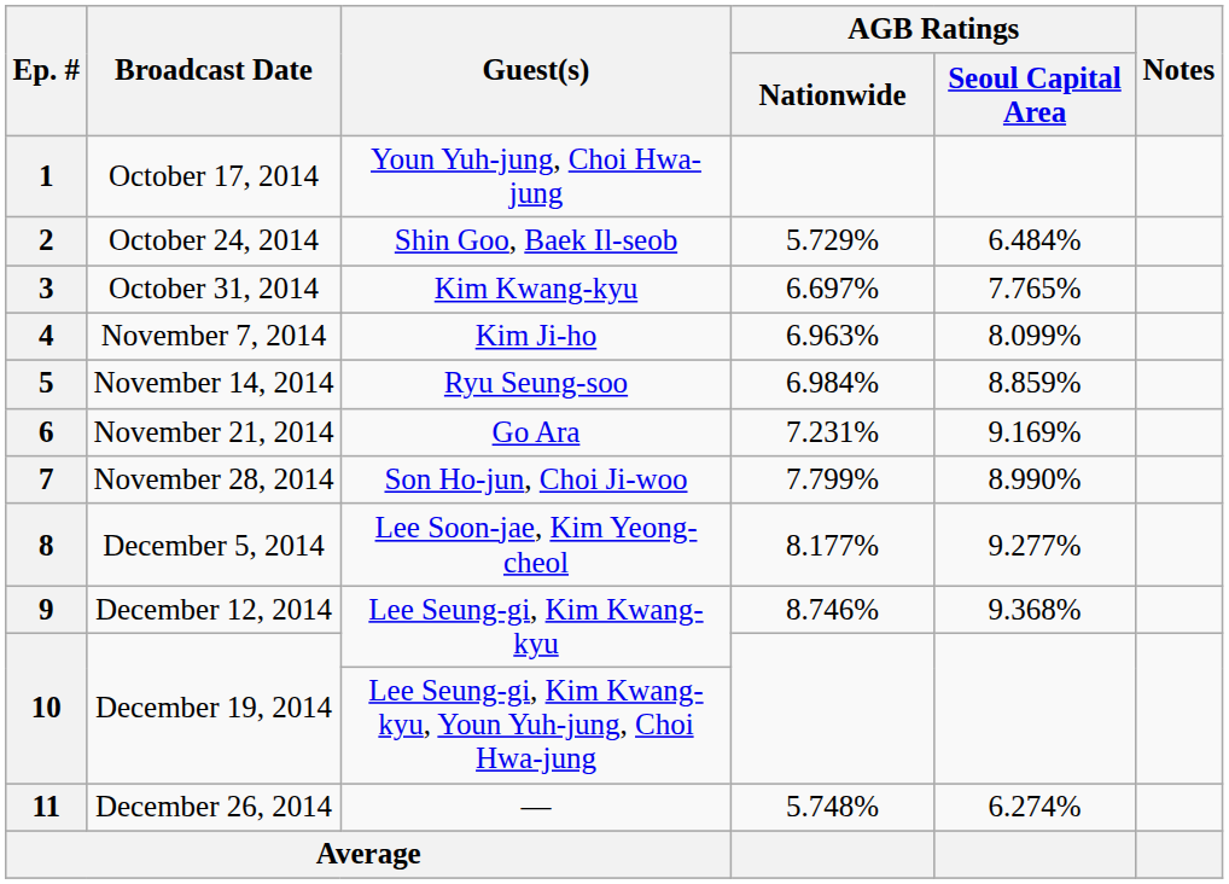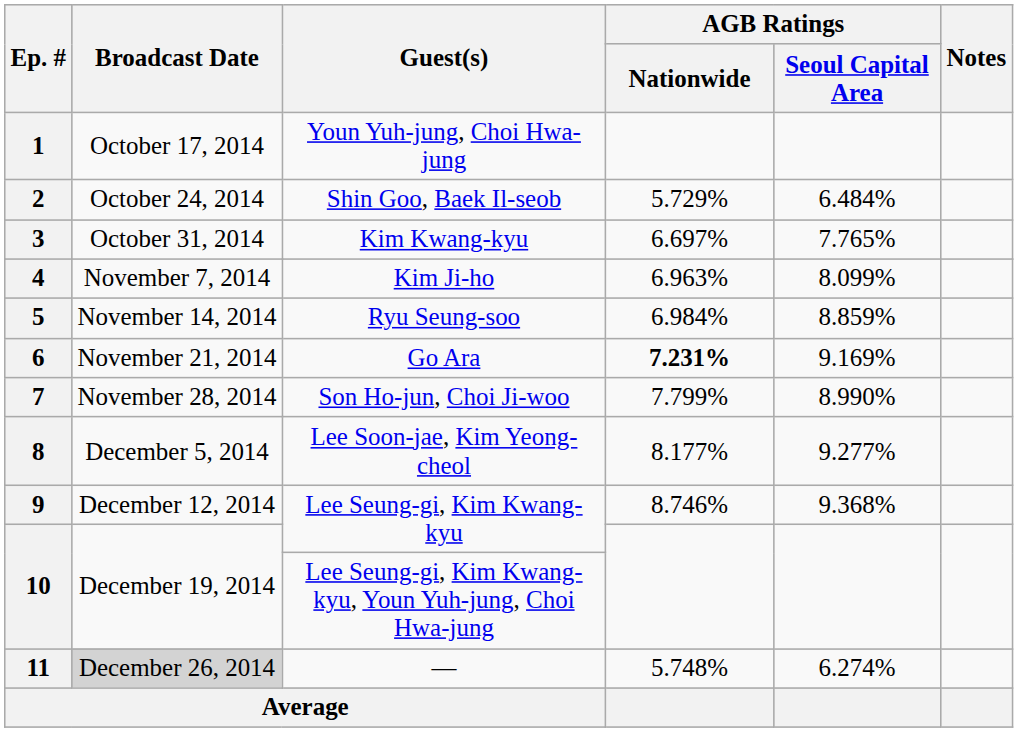 <table class="wikitable" style="text-align:center;">
 <tr>
 <th rowspan="2">Ep. #</th>
 <th rowspan="2">Broadcast Date</th>
 <th rowspan="2" width="200">Guest(s)</th>
 <th colspan="2">AGB Ratings</th>
 <th rowspan="2" class="unsortable">Notes</th>
 </tr>
 <tr>
 <th width="100">Nationwide</th>
 <th width="100"><a href='#'>Seoul Capital Area</a></th>
 </tr>
 <tr>
 <th>1</th>
 <td>October 17, 2014</td>
 <td><a href='#'>Youn Yuh-jung</a>, <a href='#'>Choi Hwa-jung</a></td>
 <td></td>
 <td></td>
 <td></td>
 </tr>
 <tr>
 <th>2</th>
 <td>October 24, 2014</td>
 <td><a href='#'>Shin Goo</a>, <a href='#'>Baek Il-seob</a></td>
 <td>5.729%</td>
 <td>6.484%</td>
 <td></td>
 </tr>
 <tr>
 <th>3</th>
 <td>October 31, 2014</td>
 <td rowspan="2"><a href='#'>Kim Kwang-kyu</a></td>
 <td>6.697%</td>
 <td>7.765%</td>
 <td></td>
 </tr>
 <tr>
 <th rowspan="2">4</th>
 <td rowspan="2">November 7, 2014</td>
 <td rowspan="2">6.963%</td>
 <td rowspan="2">8.099%</td>
 <td rowspan="2"></td>
 </tr>
 <tr>
 <td><a href='#'>Kim Ji-ho</a></td>
 </tr>
 <tr>
 <th>5</th>
 <td>November 14, 2014</td>
 <td><a href='#'>Ryu Seung-soo</a></td>
 <td>6.984%</td>
 <td>8.859%</td>
 <td></td>
 </tr>
 <tr>
 <th>6</th>
 <td>November 21, 2014</td>
 <td><a href='#'>Go Ara</a></td>
-<td>7.231%</td>
+<td><strong>7.231%</strong></td>
 <td>9.169%</td>
 <td></td>
 </tr>
 <tr>
 <th>7</th>
 <td>November 28, 2014</td>
 <td rowspan="2"><a href='#'>Son Ho-jun</a>, <a href='#'>Choi Ji-woo</a></td>
 <td>7.799%</td>
 <td>8.990%</td>
 <td></td>
 </tr>
 <tr>
 <th rowspan="2">8</th>
 <td rowspan="2">December 5, 2014</td>
 <td rowspan="2">8.177%</td>
 <td rowspan="2">9.277%</td>
 <td rowspan="2"></td>
 </tr>
 <tr>
 <td><a href='#'>Lee Soon-jae</a>, <a href='#'>Kim Yeong-cheol</a></td>
 </tr>
 <tr>
 <th>9</th>
 <td>December 12, 2014</td>
 <td rowspan="2"><a href='#'>Lee Seung-gi</a>, <a href='#'>Kim Kwang-kyu</a></td>
 <td>8.746%</td>
 <td>9.368%</td>
 <td></td>
 </tr>
 <tr>
 <th rowspan="2">10</th>
 <td rowspan="2">December 19, 2014</td>
 <td rowspan="2"></td>
 <td rowspan="2"></td>
 <td rowspan="2"></td>
 </tr>
 <tr>
 <td><a href='#'>Lee Seung-gi</a>, <a href='#'>Kim Kwang-kyu</a>, <a href='#'>Youn Yuh-jung</a>, <a href='#'>Choi Hwa-jung</a></td>
 </tr>
 <tr>
 <th>11</th>
-<td>December 26, 2014</td>
+<td style="background: lightgrey;">December 26, 2014</td>
 <td>—</td>
 <td>5.748%</td>
 <td>6.274%</td>
 <td></td>
 </tr>
 <tr>
 <th colspan="3">Average</th>
 <th></th>
 <th></th>
 <th></th>
 </tr>
 </table>
